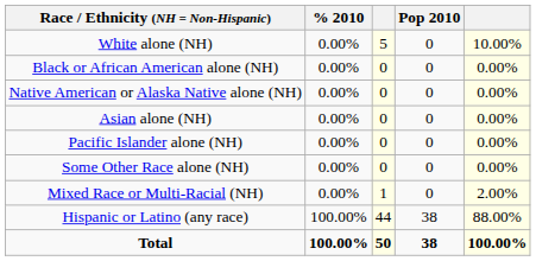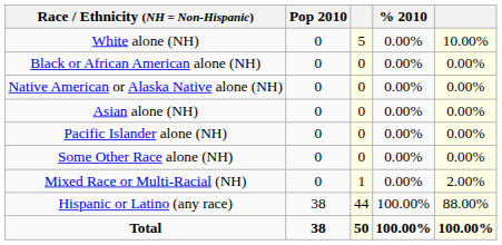 <table class="wikitable" style="text-align:center;">
 <tr>
 <th>Race / Ethnicity <small>(<em>NH = Non-Hispanic</em>)</small></th>
+<th>Pop 2010</th>
+<th></th>
 <th>% 2010</th>
-<th></th>
-<th>Pop 2010</th>
 <th></th>
 </tr>
 <tr>
 <td><a href='#'>White</a> alone (NH)</td>
+<td>0</td>
+<td style='background: #ffffe6;'>5</td>
 <td>0.00%</td>
-<td style='background: #ffffe6;'>5</td>
-<td>0</td>
 <td style='background: #ffffe6;'>10.00%</td>
 </tr>
 <tr>
 <td><a href='#'>Black or African American</a> alone (NH)</td>
+<td>0</td>
+<td style='background: #ffffe6;'>0</td>
 <td>0.00%</td>
-<td style='background: #ffffe6;'>0</td>
-<td>0</td>
 <td style='background: #ffffe6;'>0.00%</td>
 </tr>
 <tr>
 <td><a href='#'>Native American</a> or <a href='#'>Alaska Native</a> alone (NH)</td>
+<td>0</td>
+<td style='background: #ffffe6;'>0</td>
 <td>0.00%</td>
-<td style='background: #ffffe6;'>0</td>
-<td>0</td>
 <td style='background: #ffffe6;'>0.00%</td>
 </tr>
 <tr>
 <td><a href='#'>Asian</a> alone (NH)</td>
+<td>0</td>
+<td style='background: #ffffe6;'>0</td>
 <td>0.00%</td>
-<td style='background: #ffffe6;'>0</td>
-<td>0</td>
 <td style='background: #ffffe6;'>0.00%</td>
 </tr>
 <tr>
 <td><a href='#'>Pacific Islander</a> alone (NH)</td>
+<td>0</td>
+<td style='background: #ffffe6;'>0</td>
 <td>0.00%</td>
-<td style='background: #ffffe6;'>0</td>
-<td>0</td>
 <td style='background: #ffffe6;'>0.00%</td>
 </tr>
 <tr>
 <td><a href='#'>Some Other Race</a> alone (NH)</td>
+<td>0</td>
+<td style='background: #ffffe6;'>0</td>
 <td>0.00%</td>
-<td style='background: #ffffe6;'>0</td>
-<td>0</td>
 <td style='background: #ffffe6;'>0.00%</td>
 </tr>
 <tr>
 <td><a href='#'>Mixed Race or Multi-Racial</a> (NH)</td>
+<td>0</td>
+<td style='background: #ffffe6;'>1</td>
 <td>0.00%</td>
-<td style='background: #ffffe6;'>1</td>
-<td>0</td>
 <td style='background: #ffffe6;'>2.00%</td>
 </tr>
 <tr>
 <td><a href='#'>Hispanic or Latino</a> (any race)</td>
+<td>38</td>
+<td style='background: #ffffe6;'>44</td>
 <td>100.00%</td>
-<td style='background: #ffffe6;'>44</td>
-<td>38</td>
 <td style='background: #ffffe6;'>88.00%</td>
 </tr>
 <tr>
 <td><strong>Total</strong></td>
+<td><strong>38</strong></td>
+<td style='background: #ffffe6;'><strong>50</strong></td>
 <td><strong>100.00%</strong></td>
-<td style='background: #ffffe6;'><strong>50</strong></td>
-<td><strong>38</strong></td>
 <td style='background: #ffffe6;'><strong>100.00%</strong></td>
 </tr>
 </table>
